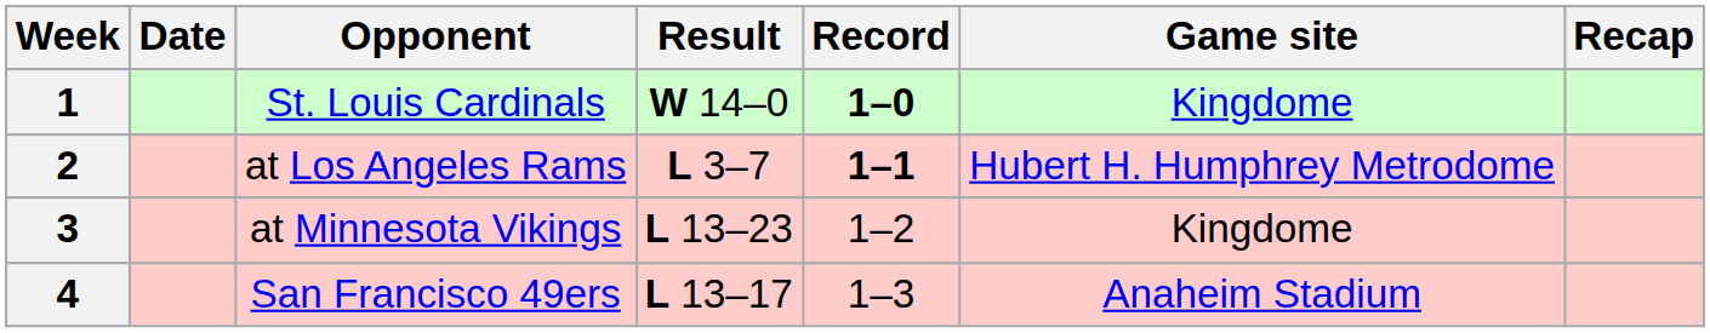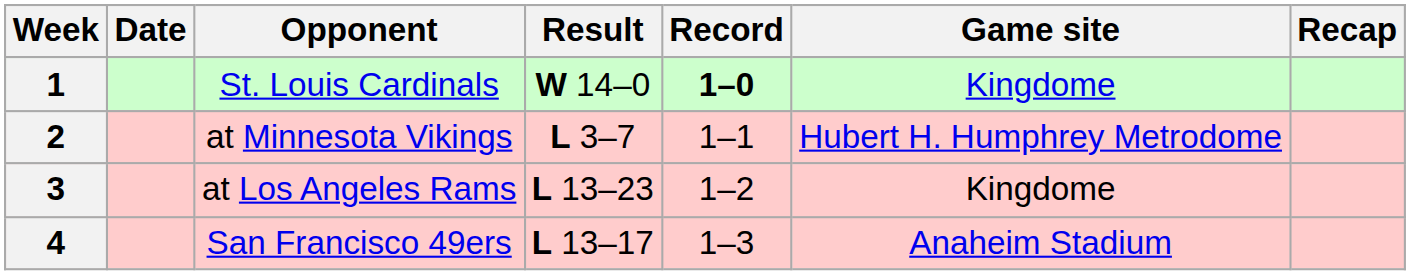 <table class="wikitable" style="text-align:center">
 <tr>
 <th>Week</th>
 <th>Date</th>
 <th>Opponent</th>
 <th>Result</th>
 <th>Record</th>
 <th>Game site</th>
 <th>Recap</th>
 </tr>
 <tr style="background:#cfc">
 <th>1</th>
 <td></td>
 <td><a href='#'>St. Louis Cardinals</a></td>
 <td><strong>W</strong> 14–0</td>
 <td><strong>1–0</strong></td>
 <td><a href='#'>Kingdome</a></td>
 <td></td>
 </tr>
 <tr style="background:#fcc">
 <th>2</th>
 <td></td>
-<td>at <a href='#'>Los Angeles Rams</a></td>
+<td>at <a href='#'>Minnesota Vikings</a></td>
 <td><strong>L</strong> 3–7</td>
-<td><strong>1–1</strong></td>
+<td>1–1</td>
 <td><a href='#'>Hubert H. Humphrey Metrodome</a></td>
 <td></td>
 </tr>
 <tr style="background:#fcc">
 <th>3</th>
 <td></td>
-<td>at <a href='#'>Minnesota Vikings</a></td>
+<td>at <a href='#'>Los Angeles Rams</a></td>
 <td><strong>L</strong> 13–23</td>
 <td>1–2</td>
 <td>Kingdome</td>
 <td></td>
 </tr>
 <tr style="background:#fcc">
 <th>4</th>
 <td></td>
 <td><a href='#'>San Francisco 49ers</a></td>
 <td><strong>L</strong> 13–17</td>
 <td>1–3</td>
 <td><a href='#'>Anaheim Stadium</a></td>
 <td></td>
 </tr>
 </table>
